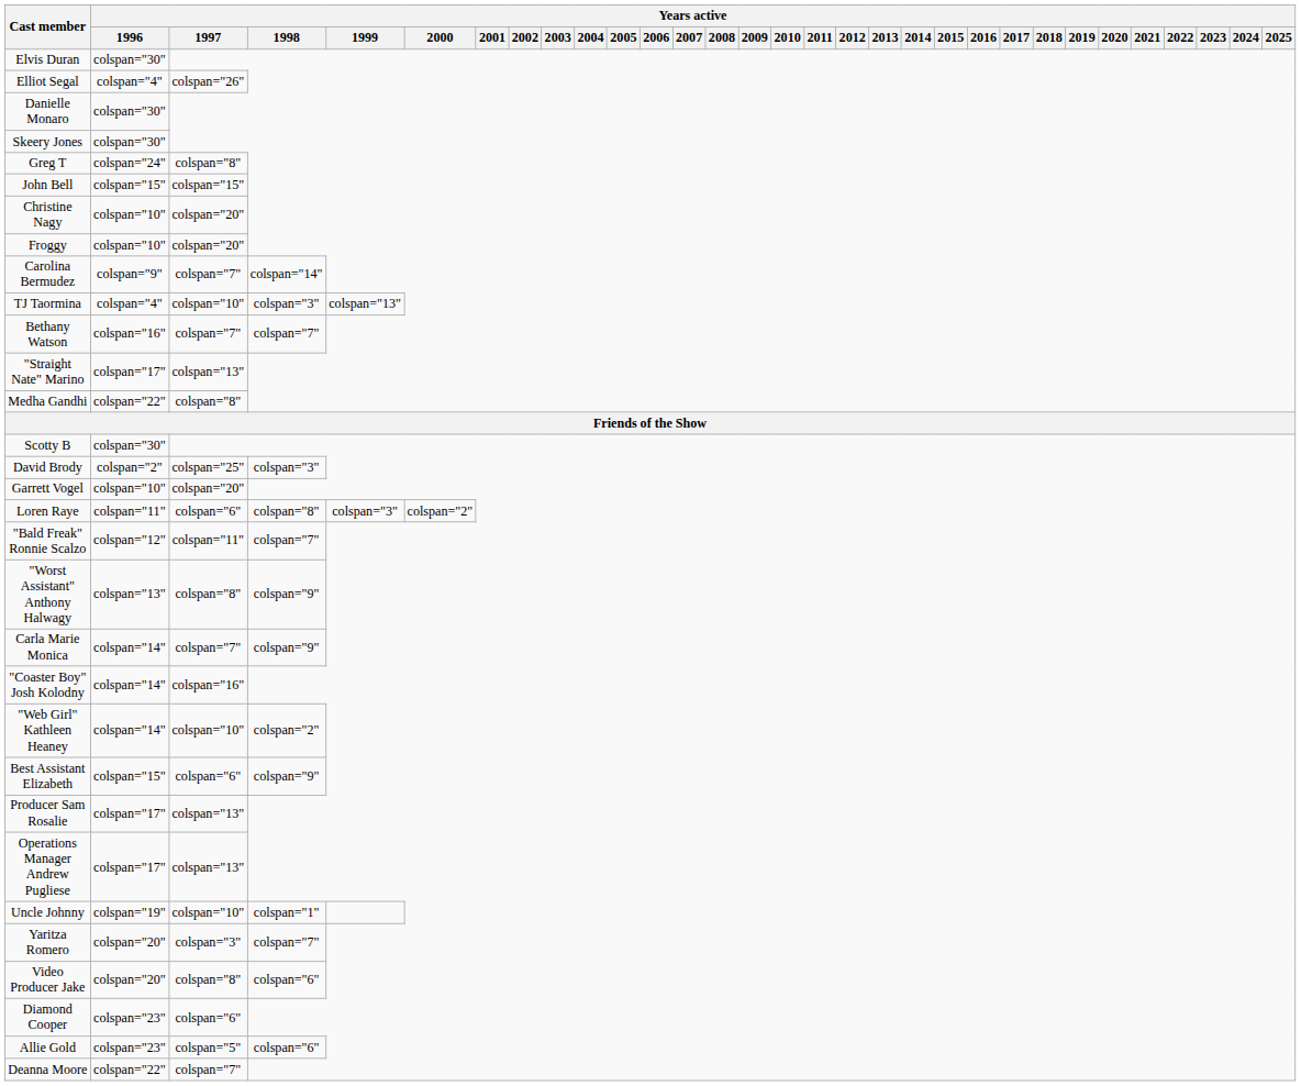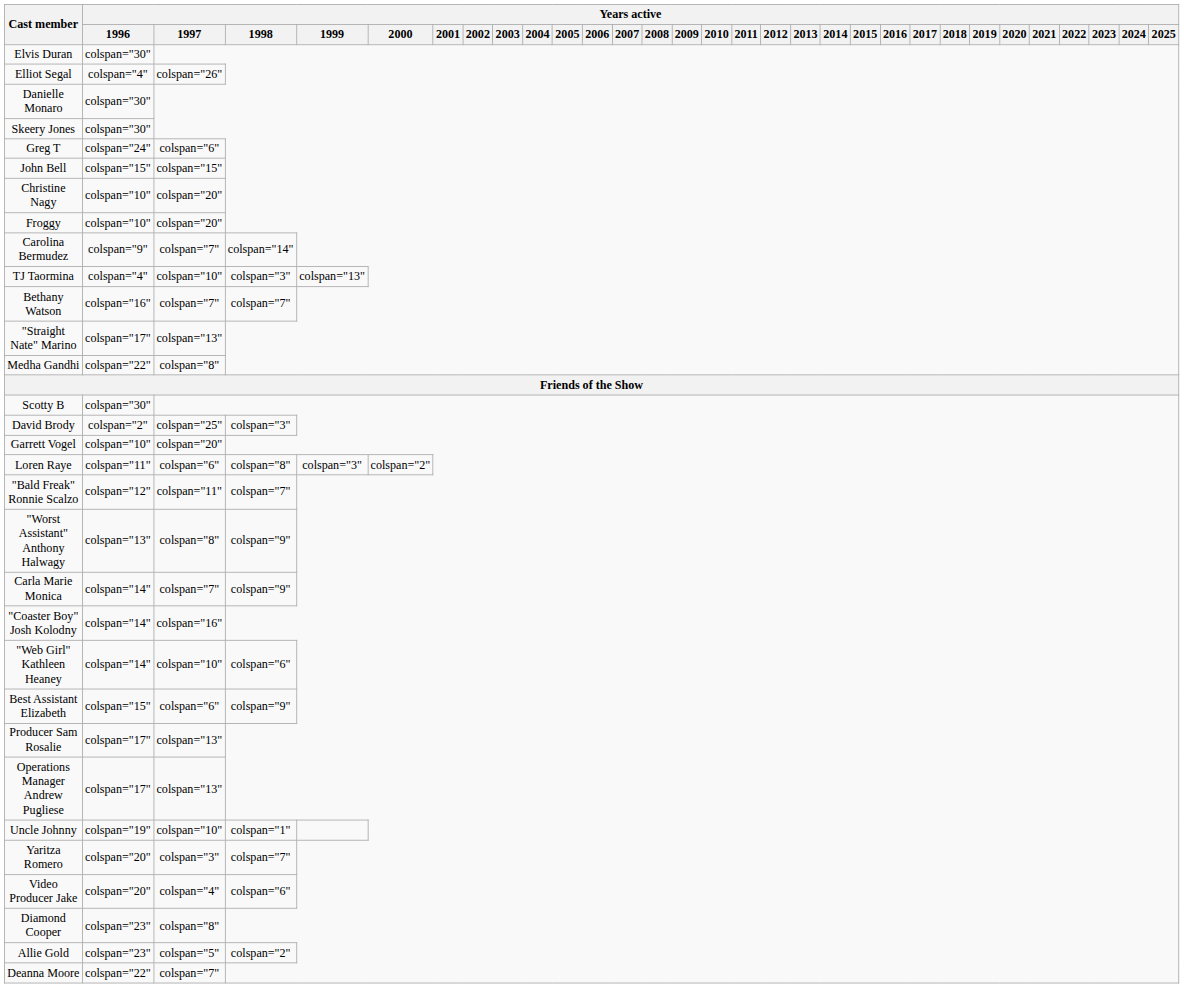 <table class="wikitable plainrowheaders" style="text-align:center; font-size:90%; width:100%">
 <tr>
 <th rowspan="2" style="width:10%;">Cast member</th>
 <th colspan="30">Years active</th>
 </tr>
 <tr>
 <th style="width:5%;">1996</th>
 <th style="width:5%;">1997</th>
 <th style="width:5%;">1998</th>
 <th style="width:5%;">1999</th>
 <th style="width:5%;">2000</th>
 <th style="width:5%;">2001</th>
 <th style="width:5%;">2002</th>
 <th style="width:5%;">2003</th>
 <th style="width:5%;">2004</th>
 <th style="width:5%;">2005</th>
 <th style="width:5%;">2006</th>
 <th style="width:5%;">2007</th>
 <th style="width:5%;">2008</th>
 <th style="width:5%;">2009</th>
 <th style="width:5%;">2010</th>
 <th style="width:5%;">2011</th>
 <th style="width:5%;">2012</th>
 <th style="width:5%;">2013</th>
 <th style="width:5%;">2014</th>
 <th style="width:5%;">2015</th>
 <th style="width:5%;">2016</th>
 <th style="width:5%;">2017</th>
 <th style="width:5%;">2018</th>
 <th style="width:5%;">2019</th>
 <th style="width:5%;">2020</th>
 <th style="width:5%;">2021</th>
 <th style="width:5%;">2022</th>
 <th style="width:5%;">2023</th>
 <th style="width:5%;">2024</th>
 <th style="width:5%;">2025</th>
 </tr>
 <tr>
 <td>Elvis Duran</td>
 <td>colspan="30" </td>
 </tr>
 <tr>
 <td>Elliot Segal</td>
 <td>colspan="4" </td>
 <td>colspan="26" </td>
 </tr>
 <tr>
 <td>Danielle Monaro</td>
 <td>colspan="30" </td>
 </tr>
 <tr>
 <td>Skeery Jones</td>
 <td>colspan="30" </td>
 </tr>
 <tr>
 <td>Greg T</td>
 <td>colspan="24" </td>
-<td>colspan="8" </td>
+<td>colspan="6" </td>
 </tr>
 <tr>
 <td>John Bell</td>
 <td>colspan="15" </td>
 <td>colspan="15" </td>
 </tr>
 <tr>
 <td>Christine Nagy</td>
 <td>colspan="10" </td>
 <td>colspan="20" </td>
 </tr>
 <tr>
 <td>Froggy</td>
 <td>colspan="10" </td>
 <td>colspan="20" </td>
 </tr>
 <tr>
 <td>Carolina Bermudez</td>
 <td>colspan="9" </td>
 <td>colspan="7" </td>
 <td>colspan="14" </td>
 </tr>
 <tr>
 <td>TJ Taormina</td>
 <td>colspan="4" </td>
 <td>colspan="10" </td>
 <td>colspan="3" </td>
 <td>colspan="13" </td>
 </tr>
 <tr>
 <td>Bethany Watson</td>
 <td>colspan="16" </td>
 <td>colspan="7" </td>
 <td>colspan="7" </td>
 </tr>
 <tr>
 <td>"Straight Nate" Marino</td>
 <td>colspan="17" </td>
 <td>colspan="13" </td>
 </tr>
 <tr>
 <td>Medha Gandhi</td>
 <td>colspan="22" </td>
 <td>colspan="8" </td>
 </tr>
 <tr>
 <th colspan="31">Friends of the Show</th>
 </tr>
 <tr>
 <td>Scotty B</td>
 <td>colspan="30" </td>
 </tr>
 <tr>
 <td>David Brody</td>
 <td>colspan="2" </td>
 <td>colspan="25" </td>
 <td>colspan="3" </td>
 </tr>
 <tr>
 <td>Garrett Vogel</td>
 <td>colspan="10" </td>
 <td>colspan="20" </td>
 </tr>
 <tr>
 <td>Loren Raye</td>
 <td>colspan="11" </td>
 <td>colspan="6" </td>
 <td>colspan="8" </td>
 <td>colspan="3" </td>
 <td>colspan="2" </td>
 </tr>
 <tr>
 <td>"Bald Freak" Ronnie Scalzo</td>
 <td>colspan="12" </td>
 <td>colspan="11" </td>
 <td>colspan="7" </td>
 </tr>
 <tr>
 <td>"Worst Assistant" Anthony Halwagy</td>
 <td>colspan="13" </td>
 <td>colspan="8" </td>
 <td>colspan="9" </td>
 </tr>
 <tr>
 <td>Carla Marie Monica</td>
 <td>colspan="14" </td>
 <td>colspan="7" </td>
 <td>colspan="9" </td>
 </tr>
 <tr>
 <td>"Coaster Boy" Josh Kolodny</td>
 <td>colspan="14" </td>
 <td>colspan="16" </td>
 </tr>
 <tr>
 <td>"Web Girl" Kathleen Heaney</td>
 <td>colspan="14" </td>
 <td>colspan="10" </td>
-<td>colspan="2" </td>
+<td>colspan="6" </td>
 </tr>
 <tr>
 <td>Best Assistant Elizabeth</td>
 <td>colspan="15" </td>
 <td>colspan="6" </td>
 <td>colspan="9" </td>
 </tr>
 <tr>
 <td>Producer Sam Rosalie</td>
 <td>colspan="17" </td>
 <td>colspan="13" </td>
 </tr>
 <tr>
 <td>Operations Manager Andrew Pugliese</td>
 <td>colspan="17" </td>
 <td>colspan="13" </td>
 </tr>
 <tr>
 <td nowrap="">Uncle Johnny</td>
 <td>colspan="19" </td>
 <td>colspan="10" </td>
 <td>colspan="1" </td>
 <td></td>
 </tr>
 <tr>
 <td>Yaritza Romero</td>
 <td>colspan="20" </td>
 <td>colspan="3" </td>
 <td>colspan="7" </td>
 </tr>
 <tr>
 <td>Video Producer Jake</td>
 <td>colspan="20" </td>
-<td>colspan="8" </td>
+<td>colspan="4" </td>
 <td>colspan="6" </td>
 </tr>
 <tr>
 <td>Diamond Cooper</td>
 <td>colspan="23" </td>
-<td>colspan="6" </td>
+<td>colspan="8" </td>
 </tr>
 <tr>
 <td>Allie Gold</td>
 <td>colspan="23" </td>
 <td>colspan="5" </td>
-<td>colspan="6" </td>
+<td>colspan="2" </td>
 </tr>
 <tr>
 <td nowrap>Deanna Moore</td>
 <td>colspan="22" </td>
 <td>colspan="7" </td>
 </tr>
 </table>
